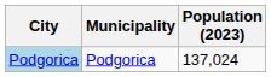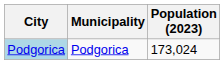 <table class="wikitable sortable sticky-header col3right">
 <tr>
 <th>City</th>
 <th>Municipality</th>
 <th>Population<br>(2023)</th>
 </tr>
 <tr>
 <td style="background: lightblue;"><a href='#'>Podgorica</a></td>
 <td><a href='#'>Podgorica</a></td>
-<td>137,024</td>
+<td>173,024</td>
 </tr>
 </table>
